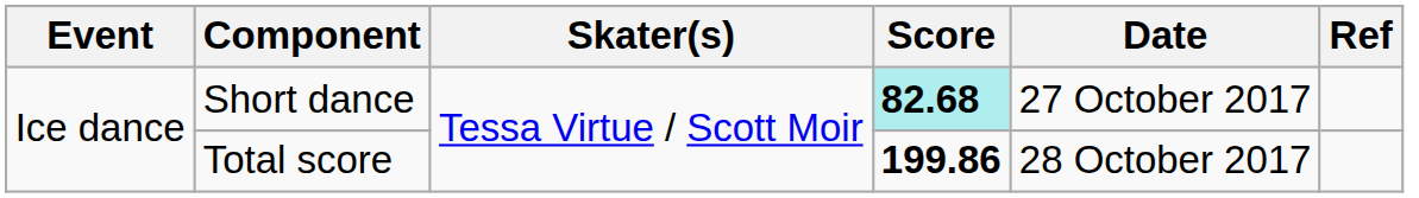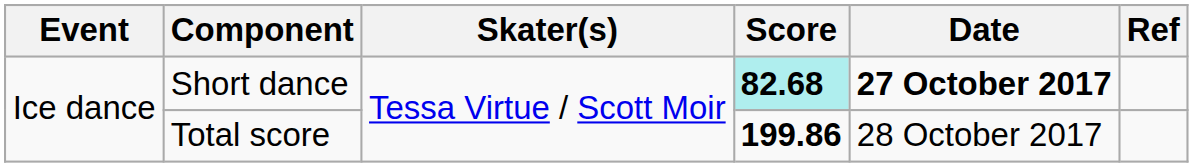 <table class="wikitable sortable">
 <tr>
 <th>Event</th>
 <th>Component</th>
 <th>Skater(s)</th>
 <th>Score</th>
 <th>Date</th>
 <th>Ref</th>
 </tr>
 <tr>
 <td rowspan=2>Ice dance</td>
 <td>Short dance</td>
 <td rowspan=2> <a href='#'>Tessa Virtue</a> / <a href='#'>Scott Moir</a></td>
 <td style="background: paleturquoise;"><strong>82.68</strong></td>
-<td>27 October 2017</td>
+<td><strong>27 October 2017</strong></td>
 <td></td>
 </tr>
 <tr>
 <td>Total score</td>
 <td><strong>199.86</strong></td>
 <td>28 October 2017</td>
 <td></td>
 </tr>
 </table>
